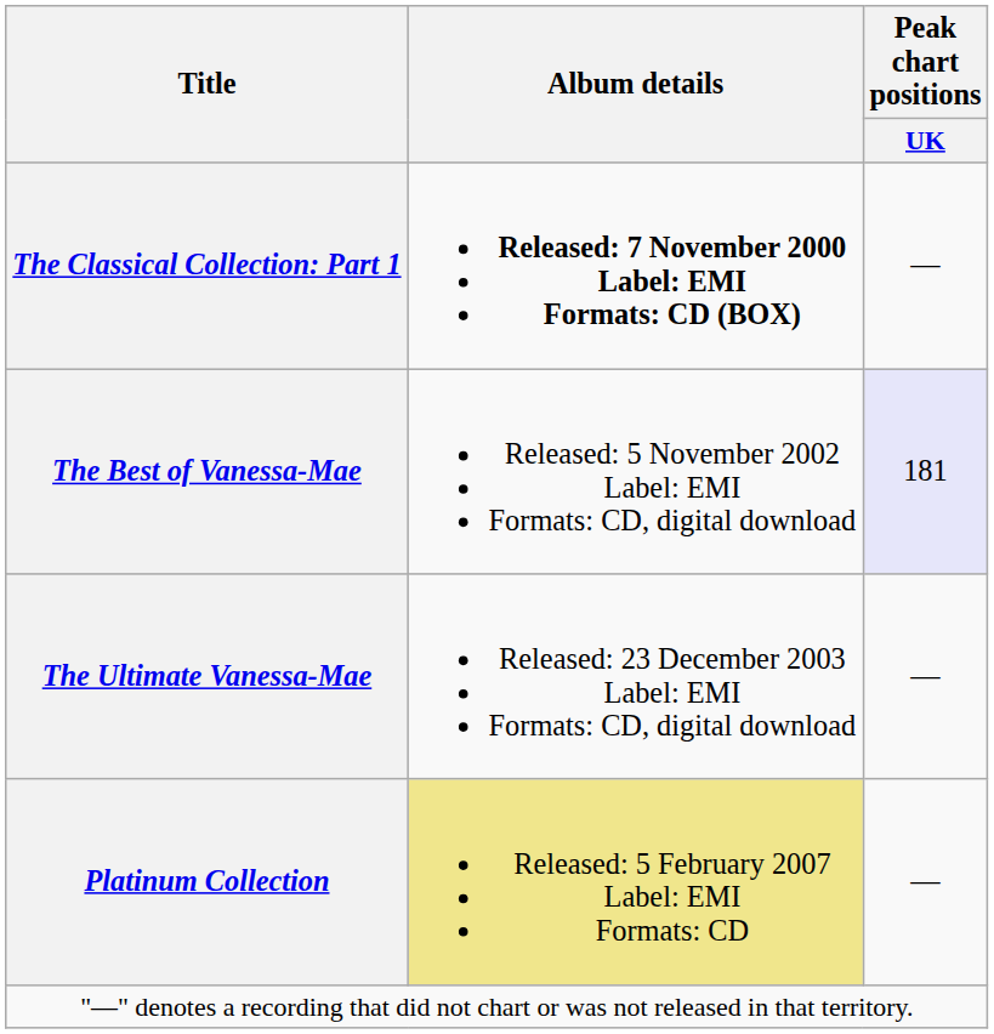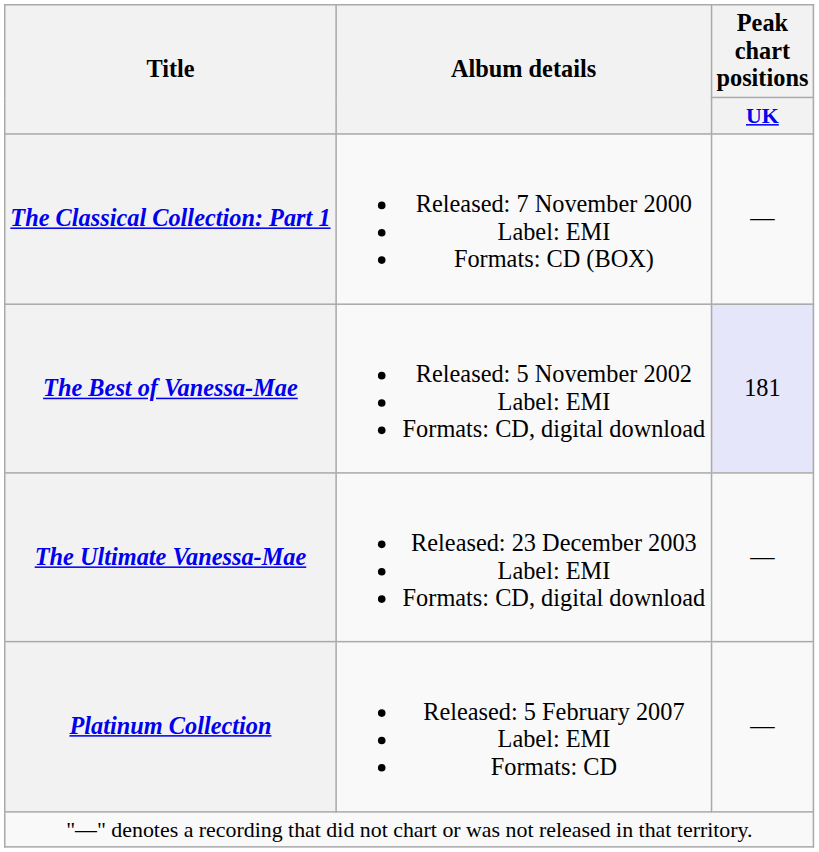 <table class="wikitable plainrowheaders" style="text-align:center;">
 <tr>
 <th scope="col" rowspan="2">Title</th>
 <th scope="col" rowspan="2">Album details</th>
 <th scope="col" colspan="1">Peak chart positions</th>
 </tr>
 <tr>
 <th scope="col" style="width:3em;font-size:90%;"><a href='#'>UK</a><br></th>
 </tr>
 <tr>
 <th scope="row"><em><a href='#'>The Classical Collection: Part 1</a></em></th>
-<td><strong><br><ul><li>Released: 7 November 2000</li><li>Label: EMI</li><li>Formats: CD (BOX)</li></ul></strong></td>
+<td><br><ul><li>Released: 7 November 2000</li><li>Label: EMI</li><li>Formats: CD (BOX)</li></ul></td>
 <td>—</td>
 </tr>
 <tr>
 <th scope="row"><em><a href='#'>The Best of Vanessa-Mae</a></em></th>
 <td><br><ul><li>Released: 5 November 2002</li><li>Label: EMI</li><li>Formats: CD, digital download</li></ul></td>
 <td style="background: lavender;">181</td>
 </tr>
 <tr>
 <th scope="row"><em><a href='#'>The Ultimate Vanessa-Mae</a></em></th>
 <td><br><ul><li>Released: 23 December 2003</li><li>Label: EMI</li><li>Formats: CD, digital download</li></ul></td>
 <td>—</td>
 </tr>
 <tr>
 <th scope="row"><em><a href='#'>Platinum Collection</a></em></th>
-<td style="background: khaki;"><br><ul><li>Released: 5 February 2007</li><li>Label: EMI</li><li>Formats: CD</li></ul></td>
+<td><br><ul><li>Released: 5 February 2007</li><li>Label: EMI</li><li>Formats: CD</li></ul></td>
 <td>—</td>
 </tr>
 <tr>
 <td colspan="15" style="font-size:90%">"—" denotes a recording that did not chart or was not released in that territory.</td>
 </tr>
 </table>
